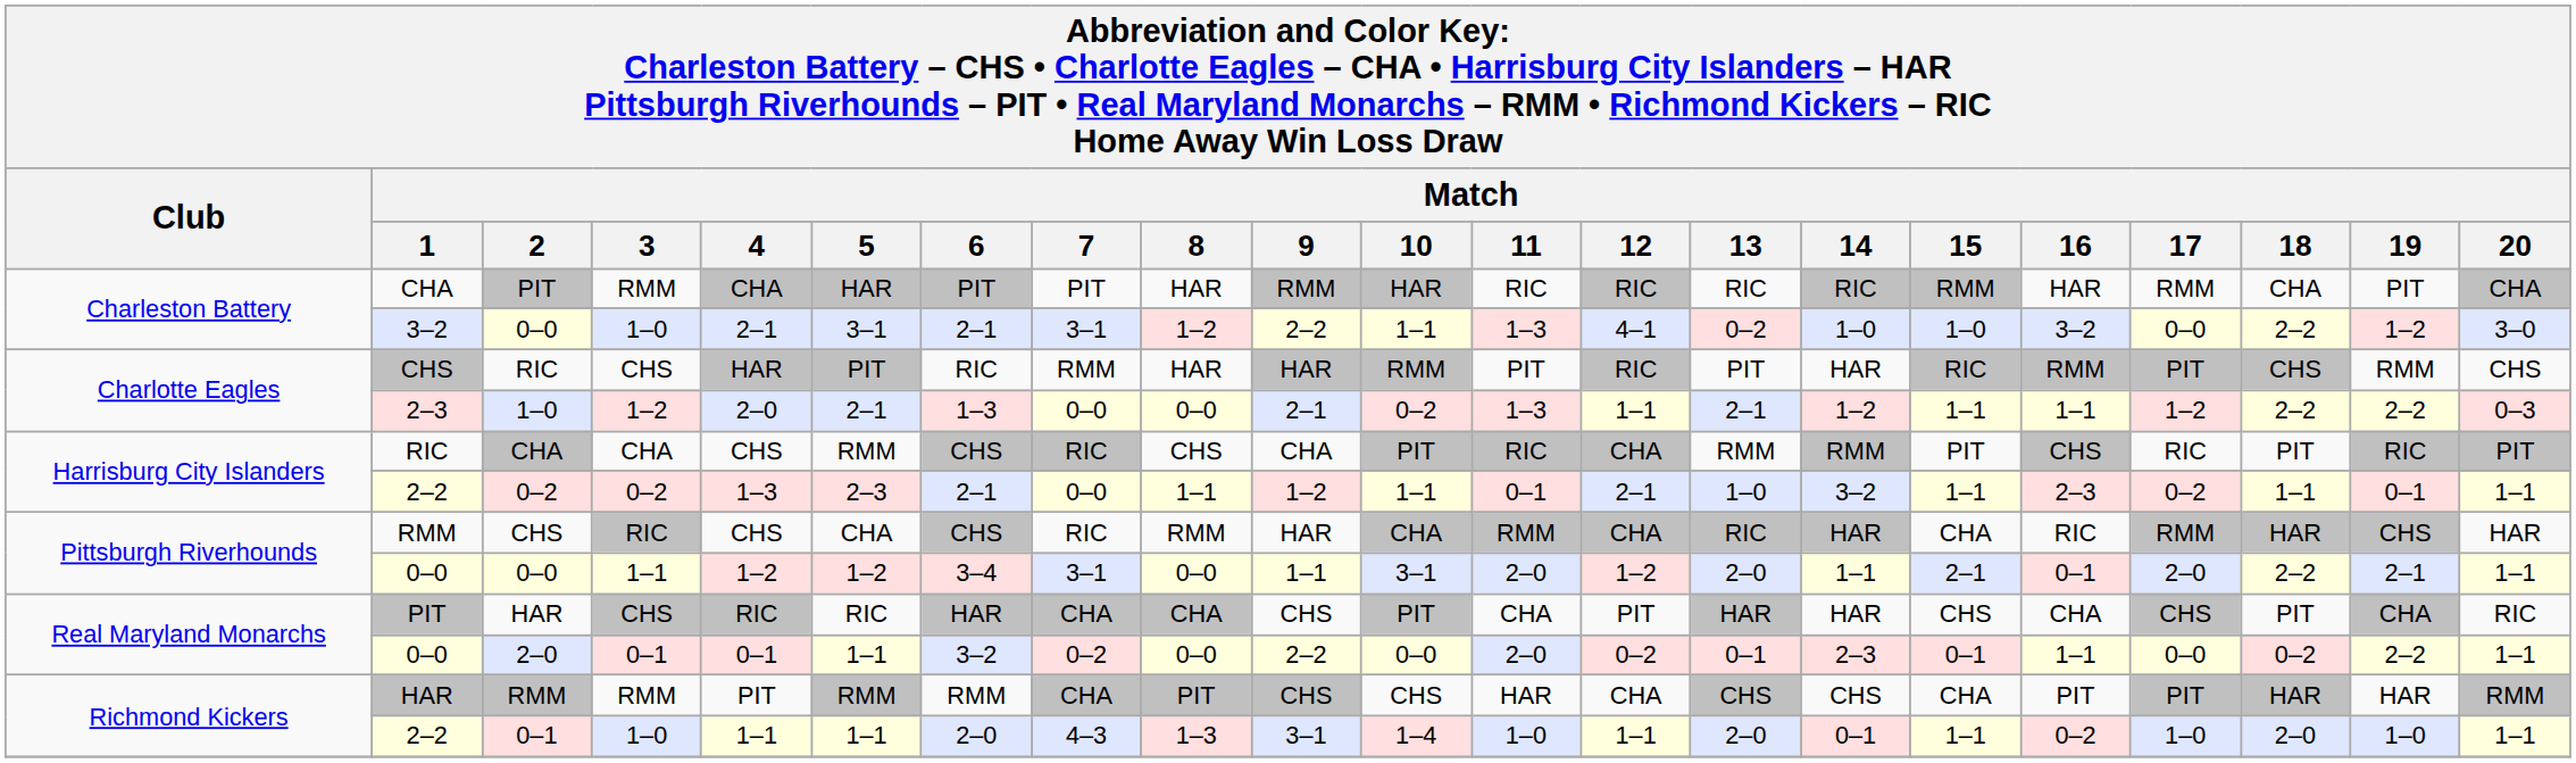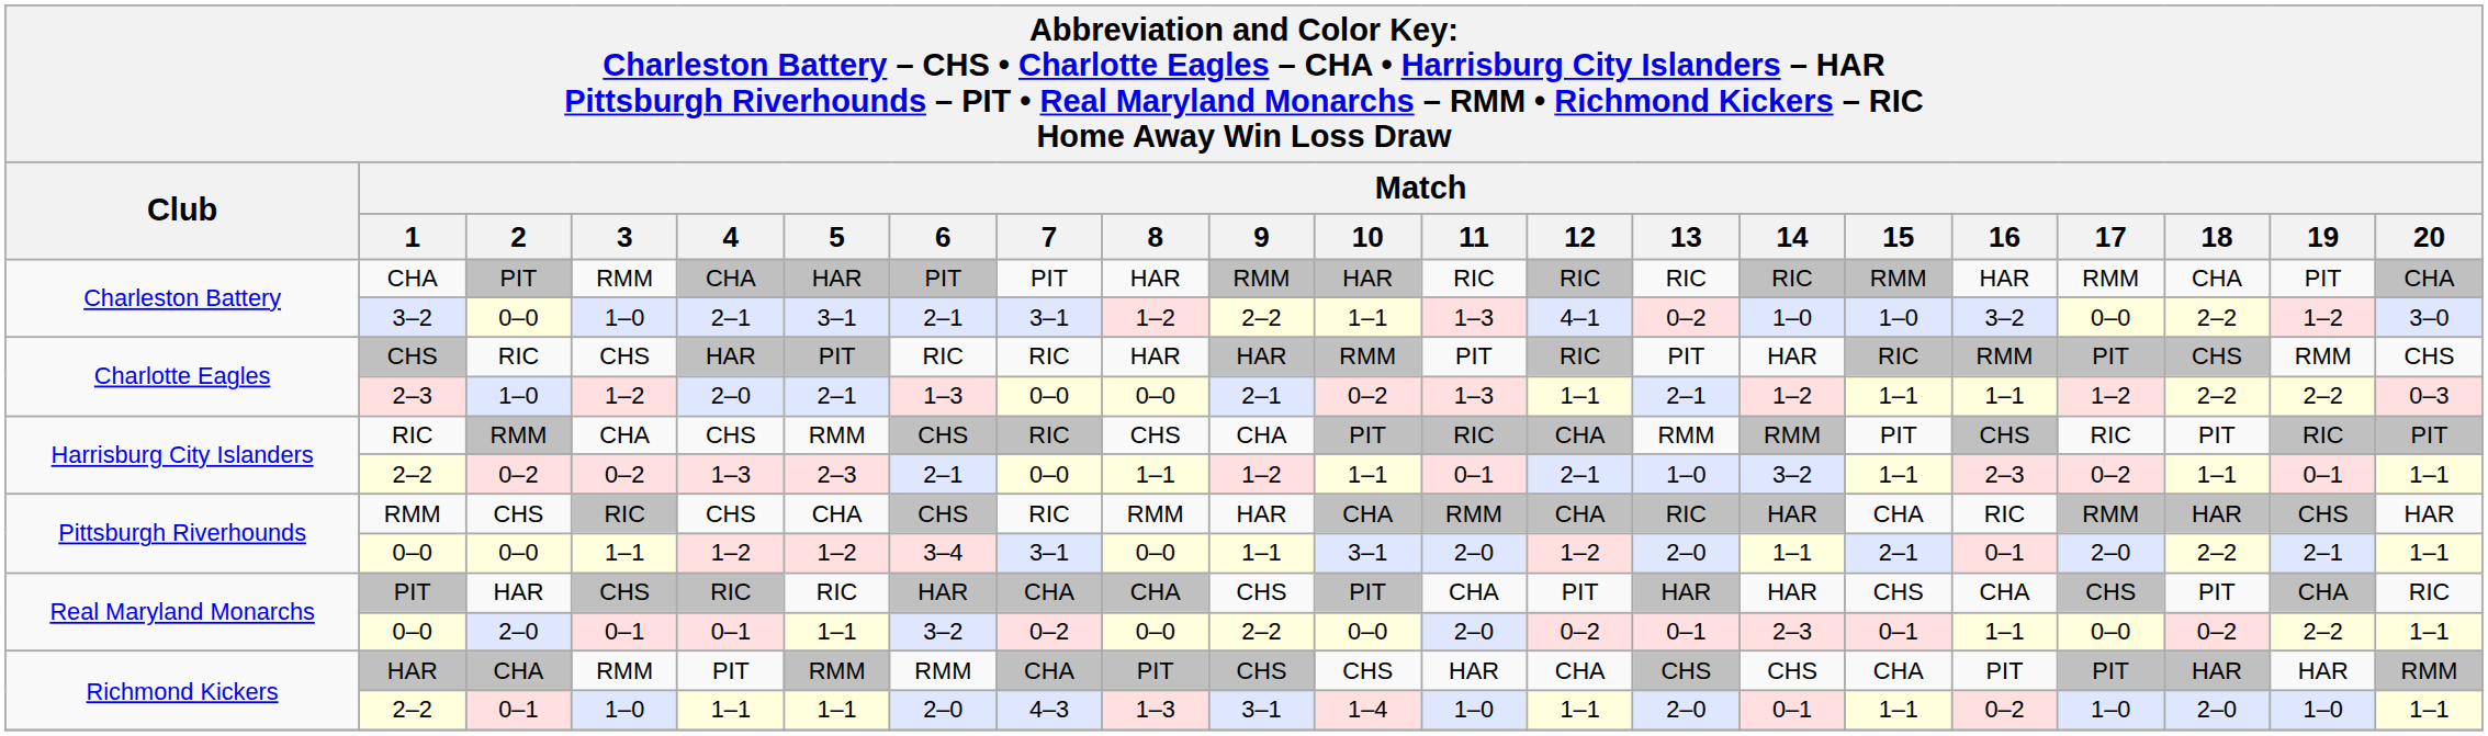 <table class="wikitable" style="text-align:center;width=80%">
 <tr>
 <th colspan="29">Abbreviation and Color Key:<br><a href='#'>Charleston Battery</a> – CHS • <a href='#'>Charlotte Eagles</a> – CHA • <a href='#'>Harrisburg City Islanders</a> – HAR <br><a href='#'>Pittsburgh Riverhounds</a> – PIT • <a href='#'>Real Maryland Monarchs</a> – RMM • <a href='#'>Richmond Kickers</a> – RIC<br><span>Home</span>  <span>Away</span>  <span>Win</span>  <span>Loss</span>  <span>Draw</span></th>
 </tr>
 <tr>
 <th width="10%" rowspan="2">Club</th>
 <th width="90%" colspan="20">Match</th>
 </tr>
 <tr style="background-color:#CCCCCC; font-size: 90%">
 <th width="3%">1</th>
 <th width="3%">2</th>
 <th width="3%">3</th>
 <th width="3%">4</th>
 <th width="3%">5</th>
 <th width="3%">6</th>
 <th width="3%">7</th>
 <th width="3%">8</th>
 <th width="3%">9</th>
 <th width="3%">10</th>
 <th width="3%">11</th>
 <th width="3%">12</th>
 <th width="3%">13</th>
 <th width="3%">14</th>
 <th width="3%">15</th>
 <th width="3%">16</th>
 <th width="3%">17</th>
 <th width="3%">18</th>
 <th width="3%">19</th>
 <th width="3%">20<br></th>
 </tr>
 <tr style="font-size: 75%">
 <td rowspan="2"><a href='#'>Charleston Battery</a></td>
 <td>CHA</td>
 <td bgcolor=#C0C0C0>PIT</td>
 <td>RMM</td>
 <td bgcolor=#C0C0C0>CHA</td>
 <td bgcolor=#C0C0C0>HAR</td>
 <td bgcolor=#C0C0C0>PIT</td>
 <td>PIT</td>
 <td>HAR</td>
 <td bgcolor=#C0C0C0>RMM</td>
 <td bgcolor=#C0C0C0>HAR</td>
 <td>RIC</td>
 <td bgcolor=#C0C0C0>RIC</td>
 <td>RIC</td>
 <td bgcolor=#C0C0C0>RIC</td>
 <td bgcolor=#C0C0C0>RMM</td>
 <td>HAR</td>
 <td>RMM</td>
 <td>CHA</td>
 <td>PIT</td>
 <td bgcolor=#C0C0C0>CHA</td>
 </tr>
 <tr style="font-size: 75%">
 <td bgcolor=#DFE7FF>3–2</td>
 <td bgcolor=#FFFFDD>0–0</td>
 <td bgcolor=#DFE7FF>1–0</td>
 <td bgcolor=#DFE7FF>2–1</td>
 <td bgcolor=#DFE7FF>3–1</td>
 <td bgcolor=#DFE7FF>2–1</td>
 <td bgcolor=#DFE7FF>3–1</td>
 <td bgcolor=#FFDFDF>1–2</td>
 <td bgcolor=#FFFFDD>2–2</td>
 <td bgcolor=#FFFFDD>1–1</td>
 <td bgcolor=#FFDFDF>1–3</td>
 <td bgcolor=#DFE7FF>4–1</td>
 <td bgcolor=#FFDFDF>0–2</td>
 <td bgcolor=#DFE7FF>1–0</td>
 <td bgcolor=#DFE7FF>1–0</td>
 <td bgcolor=#DFE7FF>3–2</td>
 <td bgcolor=#FFFFDD>0–0</td>
 <td bgcolor=#FFFFDD>2–2</td>
 <td bgcolor=#FFDFDF>1–2</td>
 <td bgcolor=#DFE7FF>3–0</td>
 </tr>
 <tr style="font-size: 75%">
 <td rowspan="2"><a href='#'>Charlotte Eagles</a></td>
 <td bgcolor=#C0C0C0>CHS</td>
 <td>RIC</td>
 <td>CHS</td>
 <td bgcolor=#C0C0C0>HAR</td>
 <td bgcolor=#C0C0C0>PIT</td>
 <td>RIC</td>
-<td>RMM</td>
+<td>RIC</td>
 <td>HAR</td>
 <td bgcolor=#C0C0C0>HAR</td>
 <td bgcolor=#C0C0C0>RMM</td>
 <td>PIT</td>
 <td bgcolor=#C0C0C0>RIC</td>
 <td>PIT</td>
 <td>HAR</td>
 <td bgcolor=#C0C0C0>RIC</td>
 <td bgcolor=#C0C0C0>RMM</td>
 <td bgcolor=#C0C0C0>PIT</td>
 <td bgcolor=#C0C0C0>CHS</td>
 <td>RMM</td>
 <td>CHS</td>
 </tr>
 <tr style="font-size: 75%">
 <td bgcolor=#FFDFDF>2–3</td>
 <td bgcolor=#DFE7FF>1–0</td>
 <td bgcolor=#FFDFDF>1–2</td>
 <td bgcolor=#DFE7FF>2–0</td>
 <td bgcolor=#DFE7FF>2–1</td>
 <td bgcolor=#FFDFDF>1–3</td>
 <td bgcolor=#FFFFDD>0–0</td>
 <td bgcolor=#FFFFDD>0–0</td>
 <td bgcolor=#DFE7FF>2–1</td>
 <td bgcolor=#FFDFDF>0–2</td>
 <td bgcolor=#FFDFDF>1–3</td>
 <td bgcolor=#FFFFDD>1–1</td>
 <td bgcolor=#DFE7FF>2–1</td>
 <td bgcolor=#FFDFDF>1–2</td>
 <td bgcolor=#FFFFDD>1–1</td>
 <td bgcolor=#FFFFDD>1–1</td>
 <td bgcolor=#FFDFDF>1–2</td>
 <td bgcolor=#FFFFDD>2–2</td>
 <td bgcolor=#FFFFDD>2–2</td>
 <td bgcolor=#FFDFDF>0–3</td>
 </tr>
 <tr style="font-size: 75%">
 <td rowspan="2"><a href='#'>Harrisburg City Islanders</a></td>
 <td>RIC</td>
-<td bgcolor=#C0C0C0>CHA</td>
+<td bgcolor=#C0C0C0>RMM</td>
 <td>CHA</td>
 <td>CHS</td>
 <td>RMM</td>
 <td bgcolor=#C0C0C0>CHS</td>
 <td bgcolor=#C0C0C0>RIC</td>
 <td>CHS</td>
 <td>CHA</td>
 <td bgcolor=#C0C0C0>PIT</td>
 <td bgcolor=#C0C0C0>RIC</td>
 <td bgcolor=#C0C0C0>CHA</td>
 <td>RMM</td>
 <td bgcolor=#C0C0C0>RMM</td>
 <td>PIT</td>
 <td bgcolor=#C0C0C0>CHS</td>
 <td>RIC</td>
 <td>PIT</td>
 <td bgcolor=#C0C0C0>RIC</td>
 <td bgcolor=#C0C0C0>PIT</td>
 </tr>
 <tr style="font-size: 75%">
 <td bgcolor=#FFFFDD>2–2</td>
 <td bgcolor=#FFDFDF>0–2</td>
 <td bgcolor=#FFDFDF>0–2</td>
 <td bgcolor=#FFDFDF>1–3</td>
 <td bgcolor=#FFDFDF>2–3</td>
 <td bgcolor=#DFE7FF>2–1</td>
 <td bgcolor=#FFFFDD>0–0</td>
 <td bgcolor=#FFFFDD>1–1</td>
 <td bgcolor=#FFDFDF>1–2</td>
 <td bgcolor=#FFFFDD>1–1</td>
 <td bgcolor=#FFDFDF>0–1</td>
 <td bgcolor=#DFE7FF>2–1</td>
 <td bgcolor=#DFE7FF>1–0</td>
 <td bgcolor=#DFE7FF>3–2</td>
 <td bgcolor=#FFFFDD>1–1</td>
 <td bgcolor=#FFDFDF>2–3</td>
 <td bgcolor=#FFDFDF>0–2</td>
 <td bgcolor=#FFFFDD>1–1</td>
 <td bgcolor=#FFDFDF>0–1</td>
 <td bgcolor=#FFFFDD>1–1</td>
 </tr>
 <tr style="font-size: 75%">
 <td rowspan="2"><a href='#'>Pittsburgh Riverhounds</a></td>
 <td>RMM</td>
 <td>CHS</td>
 <td bgcolor=#C0C0C0>RIC</td>
 <td>CHS</td>
 <td>CHA</td>
 <td bgcolor=#C0C0C0>CHS</td>
 <td>RIC</td>
 <td>RMM</td>
 <td>HAR</td>
 <td bgcolor=#C0C0C0>CHA</td>
 <td bgcolor=#C0C0C0>RMM</td>
 <td bgcolor=#C0C0C0>CHA</td>
 <td bgcolor=#C0C0C0>RIC</td>
 <td bgcolor=#C0C0C0>HAR</td>
 <td>CHA</td>
 <td>RIC</td>
 <td bgcolor=#C0C0C0>RMM</td>
 <td bgcolor=#C0C0C0>HAR</td>
 <td bgcolor=#C0C0C0>CHS</td>
 <td>HAR</td>
 </tr>
 <tr style="font-size: 75%">
 <td bgcolor=#FFFFDD>0–0</td>
 <td bgcolor=#FFFFDD>0–0</td>
 <td bgcolor=#FFFFDD>1–1</td>
 <td bgcolor=#FFDFDF>1–2</td>
 <td bgcolor=#FFDFDF>1–2</td>
 <td bgcolor=#FFDFDF>3–4</td>
 <td bgcolor=#DFE7FF>3–1</td>
 <td bgcolor=#FFFFDD>0–0</td>
 <td bgcolor=#FFFFDD>1–1</td>
 <td bgcolor=#DFE7FF>3–1</td>
 <td bgcolor=#DFE7FF>2–0</td>
 <td bgcolor=#FFDFDF>1–2</td>
 <td bgcolor=#DFE7FF>2–0</td>
 <td bgcolor=#FFFFDD>1–1</td>
 <td bgcolor=#DFE7FF>2–1</td>
 <td bgcolor=#FFDFDF>0–1</td>
 <td bgcolor=#DFE7FF>2–0</td>
 <td bgcolor=#FFFFDD>2–2</td>
 <td bgcolor=#DFE7FF>2–1</td>
 <td bgcolor=#FFFFDD>1–1</td>
 </tr>
 <tr style="font-size: 75%">
 <td rowspan="2"><a href='#'>Real Maryland Monarchs</a></td>
 <td bgcolor=#C0C0C0>PIT</td>
 <td>HAR</td>
 <td bgcolor=#C0C0C0>CHS</td>
 <td bgcolor=#C0C0C0>RIC</td>
 <td>RIC</td>
 <td bgcolor=#C0C0C0>HAR</td>
 <td bgcolor=#C0C0C0>CHA</td>
 <td bgcolor=#C0C0C0>CHA</td>
 <td>CHS</td>
 <td bgcolor=#C0C0C0>PIT</td>
 <td>CHA</td>
 <td>PIT</td>
 <td bgcolor=#C0C0C0>HAR</td>
 <td>HAR</td>
 <td>CHS</td>
 <td>CHA</td>
 <td bgcolor=#C0C0C0>CHS</td>
 <td>PIT</td>
 <td bgcolor=#C0C0C0>CHA</td>
 <td>RIC</td>
 </tr>
 <tr style="font-size: 75%">
 <td bgcolor=#FFFFDD>0–0</td>
 <td bgcolor=#DFE7FF>2–0</td>
 <td bgcolor=#FFDFDF>0–1</td>
 <td bgcolor=#FFDFDF>0–1</td>
 <td bgcolor=#FFFFDD>1–1</td>
 <td bgcolor=#DFE7FF>3–2</td>
 <td bgcolor=#FFDFDF>0–2</td>
 <td bgcolor=#FFFFDD>0–0</td>
 <td bgcolor=#FFFFDD>2–2</td>
 <td bgcolor=#FFFFDD>0–0</td>
 <td bgcolor=#DFE7FF>2–0</td>
 <td bgcolor=#FFDFDF>0–2</td>
 <td bgcolor=#FFDFDF>0–1</td>
 <td bgcolor=#FFDFDF>2–3</td>
 <td bgcolor=#FFDFDF>0–1</td>
 <td bgcolor=#FFFFDD>1–1</td>
 <td bgcolor=#FFFFDD>0–0</td>
 <td bgcolor=#FFDFDF>0–2</td>
 <td bgcolor=#FFFFDD>2–2</td>
 <td bgcolor=#FFFFDD>1–1</td>
 </tr>
 <tr style="font-size: 75%">
 <td rowspan="2"><a href='#'>Richmond Kickers</a></td>
 <td bgcolor=#C0C0C0>HAR</td>
-<td bgcolor=#C0C0C0>RMM</td>
+<td bgcolor=#C0C0C0>CHA</td>
 <td>RMM</td>
 <td>PIT</td>
 <td bgcolor=#C0C0C0>RMM</td>
 <td>RMM</td>
 <td bgcolor=#C0C0C0>CHA</td>
 <td bgcolor=#C0C0C0>PIT</td>
 <td bgcolor=#C0C0C0>CHS</td>
 <td>CHS</td>
 <td>HAR</td>
 <td>CHA</td>
 <td bgcolor=#C0C0C0>CHS</td>
 <td>CHS</td>
 <td>CHA</td>
 <td>PIT</td>
 <td bgcolor=#C0C0C0>PIT</td>
 <td bgcolor=#C0C0C0>HAR</td>
 <td>HAR</td>
 <td bgcolor=#C0C0C0>RMM</td>
 </tr>
 <tr style="font-size: 75%">
 <td bgcolor=#FFFFDD>2–2</td>
 <td bgcolor=#FFDFDF>0–1</td>
 <td bgcolor=#DFE7FF>1–0</td>
 <td bgcolor=#FFFFDD>1–1</td>
 <td bgcolor=#FFFFDD>1–1</td>
 <td bgcolor=#DFE7FF>2–0</td>
 <td bgcolor=#DFE7FF>4–3</td>
 <td bgcolor=#FFDFDF>1–3</td>
 <td bgcolor=#DFE7FF>3–1</td>
 <td bgcolor=#FFDFDF>1–4</td>
 <td bgcolor=#DFE7FF>1–0</td>
 <td bgcolor=#FFFFDD>1–1</td>
 <td bgcolor=#DFE7FF>2–0</td>
 <td bgcolor=#FFDFDF>0–1</td>
 <td bgcolor=#FFFFDD>1–1</td>
 <td bgcolor=#FFDFDF>0–2</td>
 <td bgcolor=#DFE7FF>1–0</td>
 <td bgcolor=#DFE7FF>2–0</td>
 <td bgcolor=#DFE7FF>1–0</td>
 <td bgcolor=#FFFFDD>1–1</td>
 </tr>
 <tr style="font-size: 75%">
 </tr>
 </table>
